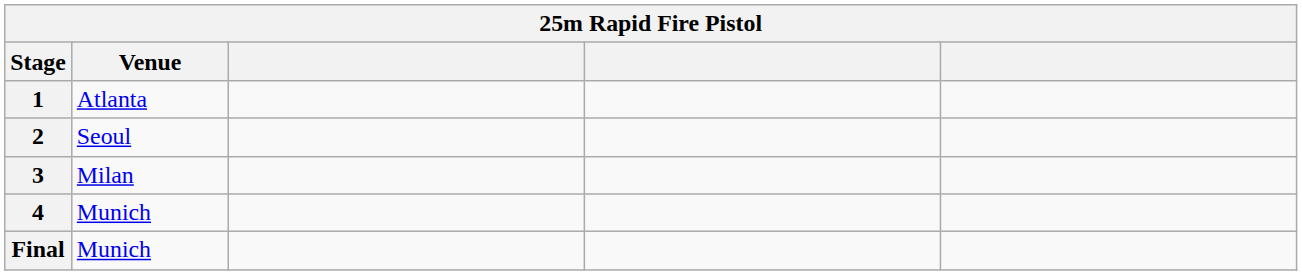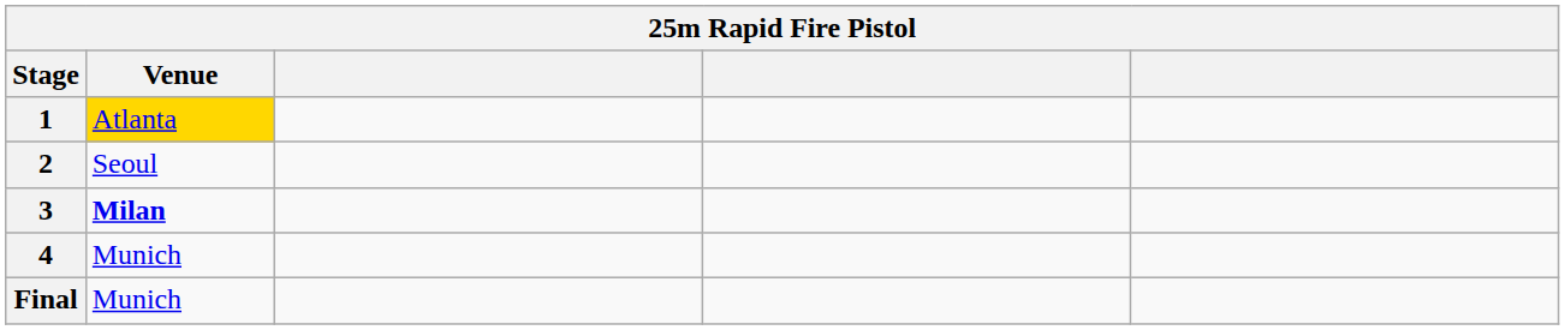 <table class="wikitable">
 <tr>
 <th colspan="5">25m Rapid Fire Pistol</th>
 </tr>
 <tr>
 <th>Stage</th>
 <th width=100>Venue</th>
 <th width=240></th>
 <th width=240></th>
 <th width=240></th>
 </tr>
 <tr>
 <th>1</th>
-<td> <a href='#'>Atlanta</a></td>
+<td style="background: gold;"> <a href='#'>Atlanta</a></td>
 <td></td>
 <td></td>
 <td></td>
 </tr>
 <tr>
 <th>2</th>
 <td> <a href='#'>Seoul</a></td>
 <td></td>
 <td></td>
 <td></td>
 </tr>
 <tr>
 <th>3</th>
-<td> <a href='#'>Milan</a></td>
+<td><strong> <a href='#'>Milan</a></strong></td>
 <td></td>
 <td></td>
 <td></td>
 </tr>
 <tr>
 <th>4</th>
 <td> <a href='#'>Munich</a></td>
 <td></td>
 <td></td>
 <td></td>
 </tr>
 <tr>
 <th>Final</th>
 <td> <a href='#'>Munich</a></td>
 <td></td>
 <td></td>
 <td></td>
 </tr>
 </table>
